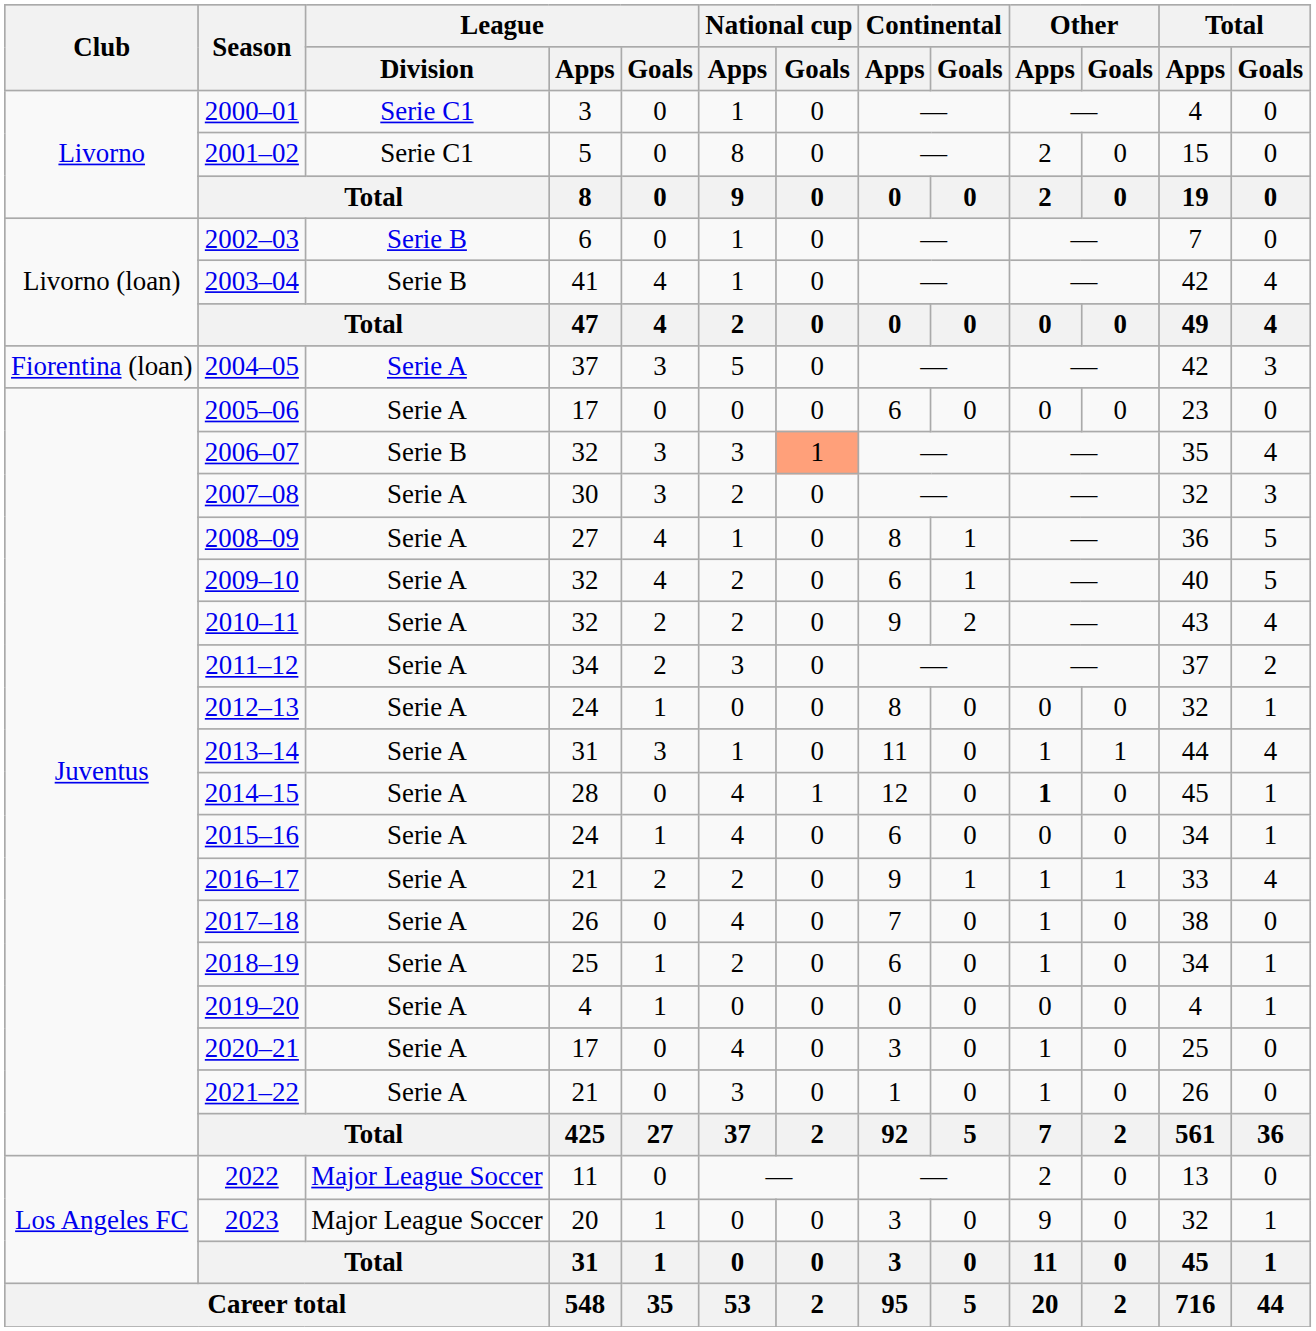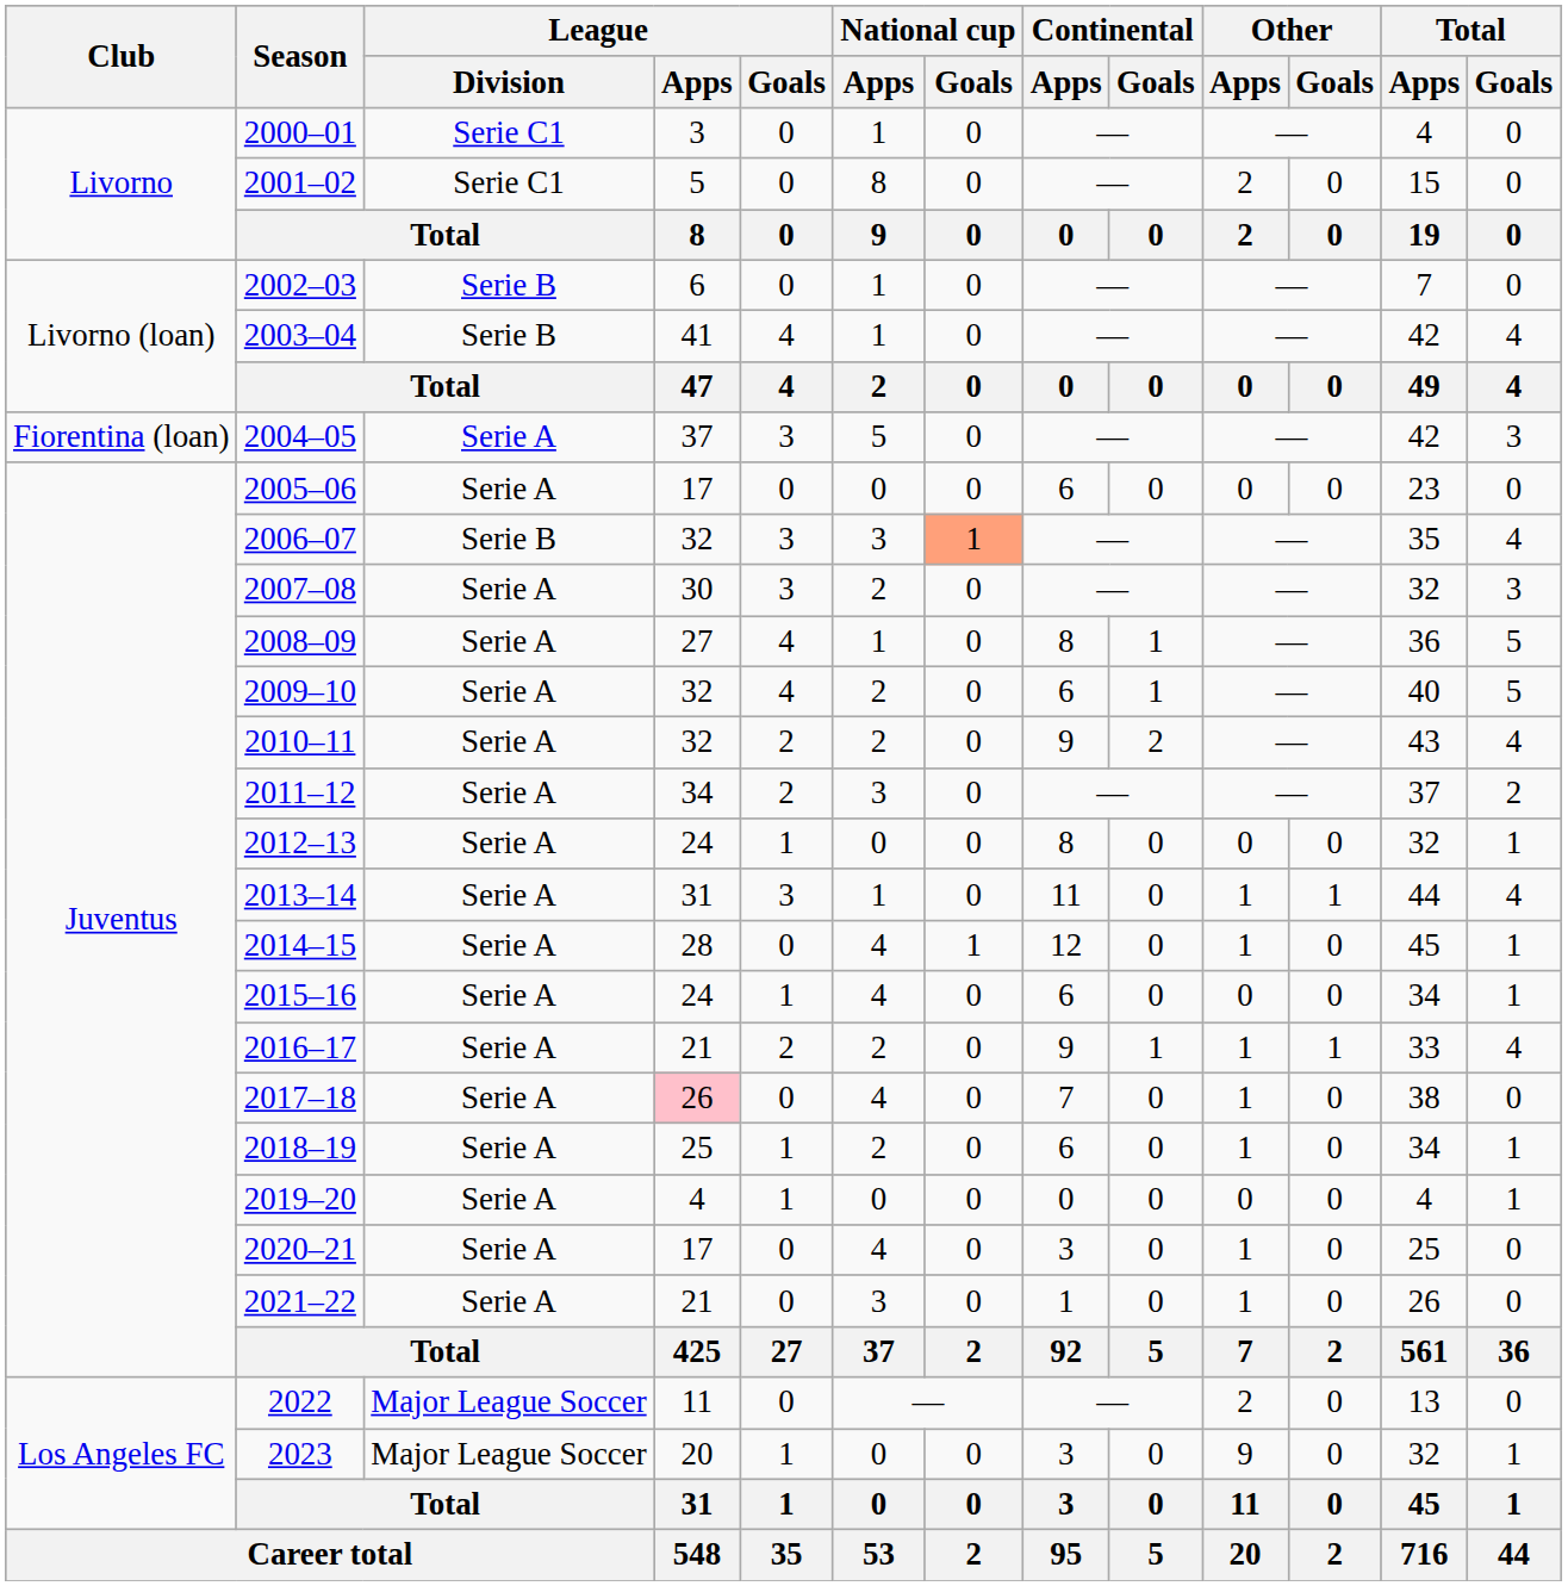 <table class="wikitable" style="text-align:center">
 <tr>
 <th rowspan="2">Club</th>
 <th rowspan="2">Season</th>
 <th colspan="3">League</th>
 <th colspan="2">National cup</th>
 <th colspan="2">Continental</th>
 <th colspan="2">Other</th>
 <th colspan="2">Total</th>
 </tr>
 <tr>
 <th>Division</th>
 <th>Apps</th>
 <th>Goals</th>
 <th>Apps</th>
 <th>Goals</th>
 <th>Apps</th>
 <th>Goals</th>
 <th>Apps</th>
 <th>Goals</th>
 <th>Apps</th>
 <th>Goals</th>
 </tr>
 <tr>
 <td rowspan="3"><a href='#'>Livorno</a></td>
 <td><a href='#'>2000–01</a></td>
 <td><a href='#'>Serie C1</a></td>
 <td>3</td>
 <td>0</td>
 <td>1</td>
 <td>0</td>
 <td colspan="2">—</td>
 <td colspan="2">—</td>
 <td>4</td>
 <td>0</td>
 </tr>
 <tr>
 <td><a href='#'>2001–02</a></td>
 <td>Serie C1</td>
 <td>5</td>
 <td>0</td>
 <td>8</td>
 <td>0</td>
 <td colspan="2">—</td>
 <td>2</td>
 <td>0</td>
 <td>15</td>
 <td>0</td>
 </tr>
 <tr>
 <th colspan="2">Total</th>
 <th>8</th>
 <th>0</th>
 <th>9</th>
 <th>0</th>
 <th>0</th>
 <th>0</th>
 <th>2</th>
 <th>0</th>
 <th>19</th>
 <th>0</th>
 </tr>
 <tr>
 <td rowspan="3">Livorno (loan)</td>
 <td><a href='#'>2002–03</a></td>
 <td><a href='#'>Serie B</a></td>
 <td>6</td>
 <td>0</td>
 <td>1</td>
 <td>0</td>
 <td colspan="2">—</td>
 <td colspan="2">—</td>
 <td>7</td>
 <td>0</td>
 </tr>
 <tr>
 <td><a href='#'>2003–04</a></td>
 <td>Serie B</td>
 <td>41</td>
 <td>4</td>
 <td>1</td>
 <td>0</td>
 <td colspan="2">—</td>
 <td colspan="2">—</td>
 <td>42</td>
 <td>4</td>
 </tr>
 <tr>
 <th colspan="2">Total</th>
 <th>47</th>
 <th>4</th>
 <th>2</th>
 <th>0</th>
 <th>0</th>
 <th>0</th>
 <th>0</th>
 <th>0</th>
 <th>49</th>
 <th>4</th>
 </tr>
 <tr>
 <td><a href='#'>Fiorentina</a> (loan)</td>
 <td><a href='#'>2004–05</a></td>
 <td><a href='#'>Serie A</a></td>
 <td>37</td>
 <td>3</td>
 <td>5</td>
 <td>0</td>
 <td colspan="2">—</td>
 <td colspan="2">—</td>
 <td>42</td>
 <td>3</td>
 </tr>
 <tr>
 <td rowspan="18"><a href='#'>Juventus</a></td>
 <td><a href='#'>2005–06</a></td>
 <td>Serie A</td>
 <td>17</td>
 <td>0</td>
 <td>0</td>
 <td>0</td>
 <td>6</td>
 <td>0</td>
 <td>0</td>
 <td>0</td>
 <td>23</td>
 <td>0</td>
 </tr>
 <tr>
 <td><a href='#'>2006–07</a></td>
 <td>Serie B</td>
 <td>32</td>
 <td>3</td>
 <td>3</td>
 <td style="background: lightsalmon;">1</td>
 <td colspan="2">—</td>
 <td colspan="2">—</td>
 <td>35</td>
 <td>4</td>
 </tr>
 <tr>
 <td><a href='#'>2007–08</a></td>
 <td>Serie A</td>
 <td>30</td>
 <td>3</td>
 <td>2</td>
 <td>0</td>
 <td colspan="2">—</td>
 <td colspan="2">—</td>
 <td>32</td>
 <td>3</td>
 </tr>
 <tr>
 <td><a href='#'>2008–09</a></td>
 <td>Serie A</td>
 <td>27</td>
 <td>4</td>
 <td>1</td>
 <td>0</td>
 <td>8</td>
 <td>1</td>
 <td colspan="2">—</td>
 <td>36</td>
 <td>5</td>
 </tr>
 <tr>
 <td><a href='#'>2009–10</a></td>
 <td>Serie A</td>
 <td>32</td>
 <td>4</td>
 <td>2</td>
 <td>0</td>
 <td>6</td>
 <td>1</td>
 <td colspan="2">—</td>
 <td>40</td>
 <td>5</td>
 </tr>
 <tr>
 <td><a href='#'>2010–11</a></td>
 <td>Serie A</td>
 <td>32</td>
 <td>2</td>
 <td>2</td>
 <td>0</td>
 <td>9</td>
 <td>2</td>
 <td colspan="2">—</td>
 <td>43</td>
 <td>4</td>
 </tr>
 <tr>
 <td><a href='#'>2011–12</a></td>
 <td>Serie A</td>
 <td>34</td>
 <td>2</td>
 <td>3</td>
 <td>0</td>
 <td colspan="2">—</td>
 <td colspan="2">—</td>
 <td>37</td>
 <td>2</td>
 </tr>
 <tr>
 <td><a href='#'>2012–13</a></td>
 <td>Serie A</td>
 <td>24</td>
 <td>1</td>
 <td>0</td>
 <td>0</td>
 <td>8</td>
 <td>0</td>
 <td>0</td>
 <td>0</td>
 <td>32</td>
 <td>1</td>
 </tr>
 <tr>
 <td><a href='#'>2013–14</a></td>
 <td>Serie A</td>
 <td>31</td>
 <td>3</td>
 <td>1</td>
 <td>0</td>
 <td>11</td>
 <td>0</td>
 <td>1</td>
 <td>1</td>
 <td>44</td>
 <td>4</td>
 </tr>
 <tr>
 <td><a href='#'>2014–15</a></td>
 <td>Serie A</td>
 <td>28</td>
 <td>0</td>
 <td>4</td>
 <td>1</td>
 <td>12</td>
 <td>0</td>
-<td><strong>1</strong></td>
+<td>1</td>
 <td>0</td>
 <td>45</td>
 <td>1</td>
 </tr>
 <tr>
 <td><a href='#'>2015–16</a></td>
 <td>Serie A</td>
 <td>24</td>
 <td>1</td>
 <td>4</td>
 <td>0</td>
 <td>6</td>
 <td>0</td>
 <td>0</td>
 <td>0</td>
 <td>34</td>
 <td>1</td>
 </tr>
 <tr>
 <td><a href='#'>2016–17</a></td>
 <td>Serie A</td>
 <td>21</td>
 <td>2</td>
 <td>2</td>
 <td>0</td>
 <td>9</td>
 <td>1</td>
 <td>1</td>
 <td>1</td>
 <td>33</td>
 <td>4</td>
 </tr>
 <tr>
 <td><a href='#'>2017–18</a></td>
 <td>Serie A</td>
-<td>26</td>
+<td style="background: pink;">26</td>
 <td>0</td>
 <td>4</td>
 <td>0</td>
 <td>7</td>
 <td>0</td>
 <td>1</td>
 <td>0</td>
 <td>38</td>
 <td>0</td>
 </tr>
 <tr>
 <td><a href='#'>2018–19</a></td>
 <td>Serie A</td>
 <td>25</td>
 <td>1</td>
 <td>2</td>
 <td>0</td>
 <td>6</td>
 <td>0</td>
 <td>1</td>
 <td>0</td>
 <td>34</td>
 <td>1</td>
 </tr>
 <tr>
 <td><a href='#'>2019–20</a></td>
 <td>Serie A</td>
 <td>4</td>
 <td>1</td>
 <td>0</td>
 <td>0</td>
 <td>0</td>
 <td>0</td>
 <td>0</td>
 <td>0</td>
 <td>4</td>
 <td>1</td>
 </tr>
 <tr>
 <td><a href='#'>2020–21</a></td>
 <td>Serie A</td>
 <td>17</td>
 <td>0</td>
 <td>4</td>
 <td>0</td>
 <td>3</td>
 <td>0</td>
 <td>1</td>
 <td>0</td>
 <td>25</td>
 <td>0</td>
 </tr>
 <tr>
 <td><a href='#'>2021–22</a></td>
 <td>Serie A</td>
 <td>21</td>
 <td>0</td>
 <td>3</td>
 <td>0</td>
 <td>1</td>
 <td>0</td>
 <td>1</td>
 <td>0</td>
 <td>26</td>
 <td>0</td>
 </tr>
 <tr>
 <th colspan="2">Total</th>
 <th>425</th>
 <th>27</th>
 <th>37</th>
 <th>2</th>
 <th>92</th>
 <th>5</th>
 <th>7</th>
 <th>2</th>
 <th>561</th>
 <th>36</th>
 </tr>
 <tr>
 <td rowspan="3"><a href='#'>Los Angeles FC</a></td>
 <td><a href='#'>2022</a></td>
 <td><a href='#'>Major League Soccer</a></td>
 <td>11</td>
 <td>0</td>
 <td colspan="2">—</td>
 <td colspan="2">—</td>
 <td>2</td>
 <td>0</td>
 <td>13</td>
 <td>0</td>
 </tr>
 <tr>
 <td><a href='#'>2023</a></td>
 <td>Major League Soccer</td>
 <td>20</td>
 <td>1</td>
 <td>0</td>
 <td>0</td>
 <td>3</td>
 <td>0</td>
 <td>9</td>
 <td>0</td>
 <td>32</td>
 <td>1</td>
 </tr>
 <tr>
 <th colspan="2">Total</th>
 <th>31</th>
 <th>1</th>
 <th>0</th>
 <th>0</th>
 <th>3</th>
 <th>0</th>
 <th>11</th>
 <th>0</th>
 <th>45</th>
 <th>1</th>
 </tr>
 <tr>
 <th colspan="3">Career total</th>
 <th>548</th>
 <th>35</th>
 <th>53</th>
 <th>2</th>
 <th>95</th>
 <th>5</th>
 <th>20</th>
 <th>2</th>
 <th>716</th>
 <th>44</th>
 </tr>
 </table>
